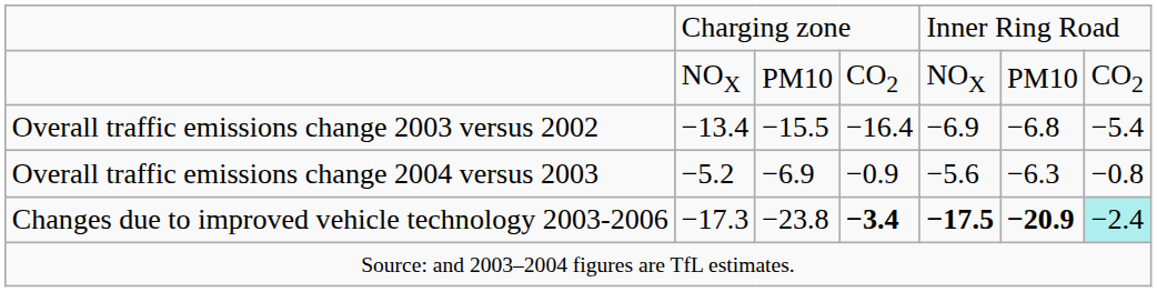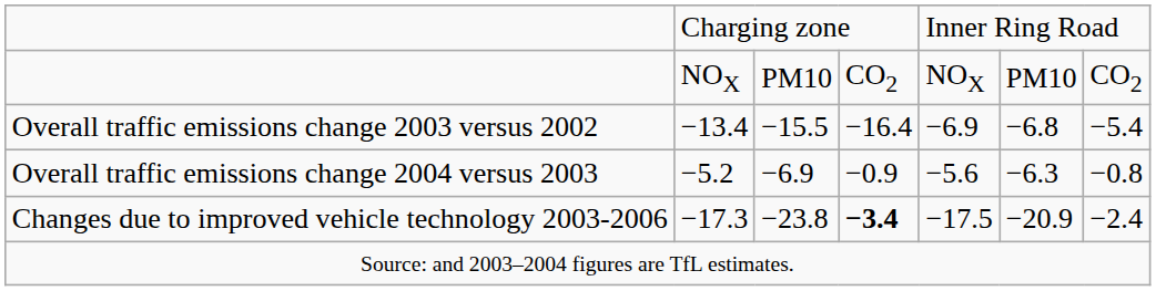 <table class="wikitable">
 <tr>
 <td></td>
 <td colspan="3">Charging zone</td>
 <td colspan="3">Inner Ring Road</td>
 </tr>
 <tr>
 <td></td>
 <td>NO<sub>X</sub></td>
 <td>PM10</td>
 <td>CO<sub>2</sub></td>
 <td>NO<sub>X</sub></td>
 <td>PM10</td>
 <td>CO<sub>2</sub></td>
 </tr>
 <tr>
 <td>Overall traffic emissions change 2003 versus 2002</td>
 <td>−13.4</td>
 <td>−15.5</td>
 <td>−16.4</td>
 <td>−6.9</td>
 <td>−6.8</td>
 <td>−5.4</td>
 </tr>
 <tr>
 <td>Overall traffic emissions change 2004 versus 2003</td>
 <td>−5.2</td>
 <td>−6.9</td>
 <td>−0.9</td>
 <td>−5.6</td>
 <td>−6.3</td>
 <td>−0.8</td>
 </tr>
 <tr>
 <td>Changes due to improved vehicle technology 2003-2006</td>
 <td>−17.3</td>
 <td>−23.8</td>
 <td><strong>−3.4</strong></td>
-<td><strong>−17.5</strong></td>
-<td><strong>−20.9</strong></td>
-<td style="background: paleturquoise;">−2.4</td>
+<td>−17.5</td>
+<td>−20.9</td>
+<td>−2.4</td>
 </tr>
 <tr>
 <td colspan="7" style="text-align:center;font-size:90%;"><small>Source:  and  2003–2004 figures are TfL estimates. </small></td>
 </tr>
 </table>
